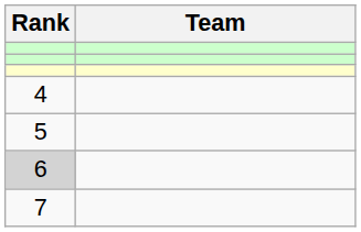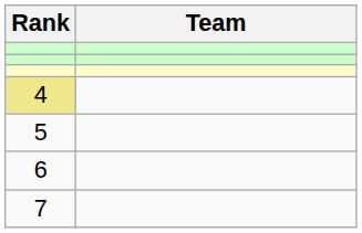 <table class="wikitable" style="text-align: center;">
 <tr>
 <th width=40>Rank</th>
 <th width=180>Team</th>
 </tr>
 <tr bgcolor=#ccffcc align=center>
 <td></td>
 <td style="text-align:left;"></td>
 </tr>
 <tr bgcolor=#ccffcc align=center>
 <td></td>
 <td style="text-align:left;"></td>
 </tr>
 <tr bgcolor=#ffffcc align=center>
 <td></td>
 <td style="text-align:left;"></td>
 </tr>
 <tr align=center>
-<td>4</td>
+<td style="background: khaki;">4</td>
 <td style="text-align:left;"></td>
 </tr>
 <tr align=center>
 <td>5</td>
 <td style="text-align:left;"></td>
 </tr>
 <tr align=center>
-<td style="background: lightgrey;">6</td>
+<td>6</td>
 <td style="text-align:left;"></td>
 </tr>
 <tr align=center>
 <td>7</td>
 <td style="text-align:left;"></td>
 </tr>
 </table>
